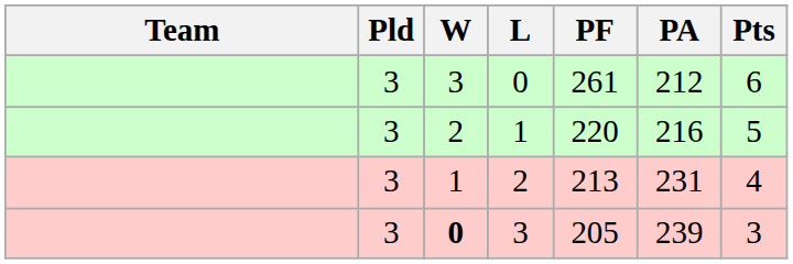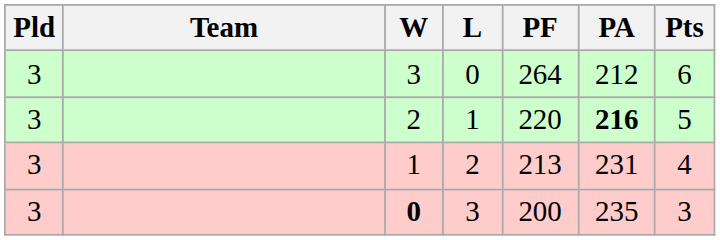 <table class="wikitable" style="text-align:center;">
 <tr>
+<th width=25>Pld</th>
 <th width=170>Team</th>
-<th width=25>Pld</th>
 <th width=25>W</th>
 <th width=25>L</th>
 <th width=35>PF</th>
 <th width=35>PA</th>
 <th width=25>Pts</th>
 </tr>
 <tr bgcolor=#ccffcc>
+<td>3</td>
 <td align="left"></td>
 <td>3</td>
-<td>3</td>
 <td>0</td>
-<td>261</td>
+<td>264</td>
 <td>212</td>
 <td>6</td>
 </tr>
 <tr bgcolor=#ccffcc>
+<td>3</td>
 <td align="left"></td>
-<td>3</td>
 <td>2</td>
 <td>1</td>
 <td>220</td>
-<td>216</td>
+<td><strong>216</strong></td>
 <td>5</td>
 </tr>
 <tr bgcolor=#ffcccc>
+<td>3</td>
 <td align="left"></td>
-<td>3</td>
 <td>1</td>
 <td>2</td>
 <td>213</td>
 <td>231</td>
 <td>4</td>
 </tr>
 <tr bgcolor=#ffcccc>
+<td>3</td>
 <td align="left"></td>
-<td>3</td>
 <td><strong>0</strong></td>
 <td>3</td>
-<td>205</td>
-<td>239</td>
+<td>200</td>
+<td>235</td>
 <td>3</td>
 </tr>
 </table>
